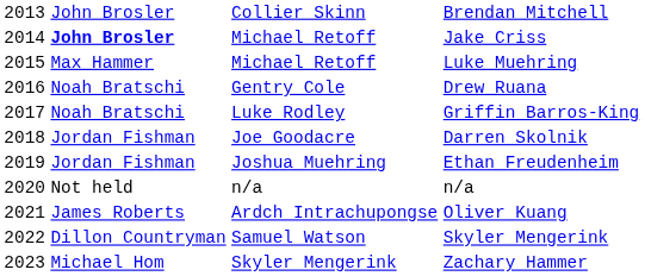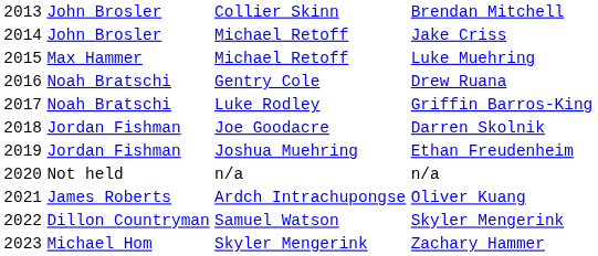 <table>
 <tr>
 <td style="text-align:center;">2013</td>
 <td><a href='#'>John Brosler</a></td>
 <td><a href='#'>Collier Skinn</a></td>
 <td><a href='#'>Brendan Mitchell</a></td>
 </tr>
 <tr>
 <td style="text-align:center;">2014</td>
-<td><strong><a href='#'>John Brosler</a></strong></td>
+<td><a href='#'>John Brosler</a></td>
 <td><a href='#'>Michael Retoff</a></td>
 <td><a href='#'>Jake Criss</a></td>
 </tr>
 <tr>
 <td style="text-align:center;">2015</td>
 <td><a href='#'>Max Hammer</a></td>
 <td><a href='#'>Michael Retoff</a></td>
 <td><a href='#'>Luke Muehring</a></td>
 </tr>
 <tr>
 <td style="text-align:center;">2016</td>
 <td><a href='#'>Noah Bratschi</a></td>
 <td><a href='#'>Gentry Cole</a></td>
 <td><a href='#'>Drew Ruana</a></td>
 </tr>
 <tr>
 <td style="text-align:center;">2017</td>
 <td><a href='#'>Noah Bratschi</a></td>
 <td><a href='#'>Luke Rodley</a></td>
 <td><a href='#'>Griffin Barros-King</a></td>
 </tr>
 <tr>
 <td style="text-align:center;">2018</td>
 <td><a href='#'>Jordan Fishman</a></td>
 <td><a href='#'>Joe Goodacre</a></td>
 <td><a href='#'>Darren Skolnik</a></td>
 </tr>
 <tr>
 <td style="text-align:center;">2019</td>
 <td><a href='#'>Jordan Fishman</a></td>
 <td><a href='#'>Joshua Muehring</a></td>
 <td><a href='#'>Ethan Freudenheim</a></td>
 </tr>
 <tr>
 <td style="text-align:center;">2020</td>
 <td>Not held</td>
 <td>n/a</td>
 <td>n/a</td>
 </tr>
 <tr>
 <td style="text-align:center;">2021</td>
 <td><a href='#'>James Roberts</a></td>
 <td><a href='#'>Ardch Intrachupongse</a></td>
 <td><a href='#'>Oliver Kuang</a></td>
 </tr>
 <tr>
 <td style="text-align:center;">2022</td>
 <td><a href='#'>Dillon Countryman</a></td>
 <td><a href='#'>Samuel Watson</a></td>
 <td><a href='#'>Skyler Mengerink</a></td>
 </tr>
 <tr>
 <td style="text-align:center;">2023</td>
 <td><a href='#'>Michael Hom</a></td>
 <td><a href='#'>Skyler Mengerink</a></td>
 <td><a href='#'>Zachary Hammer</a></td>
 </tr>
 </table>
